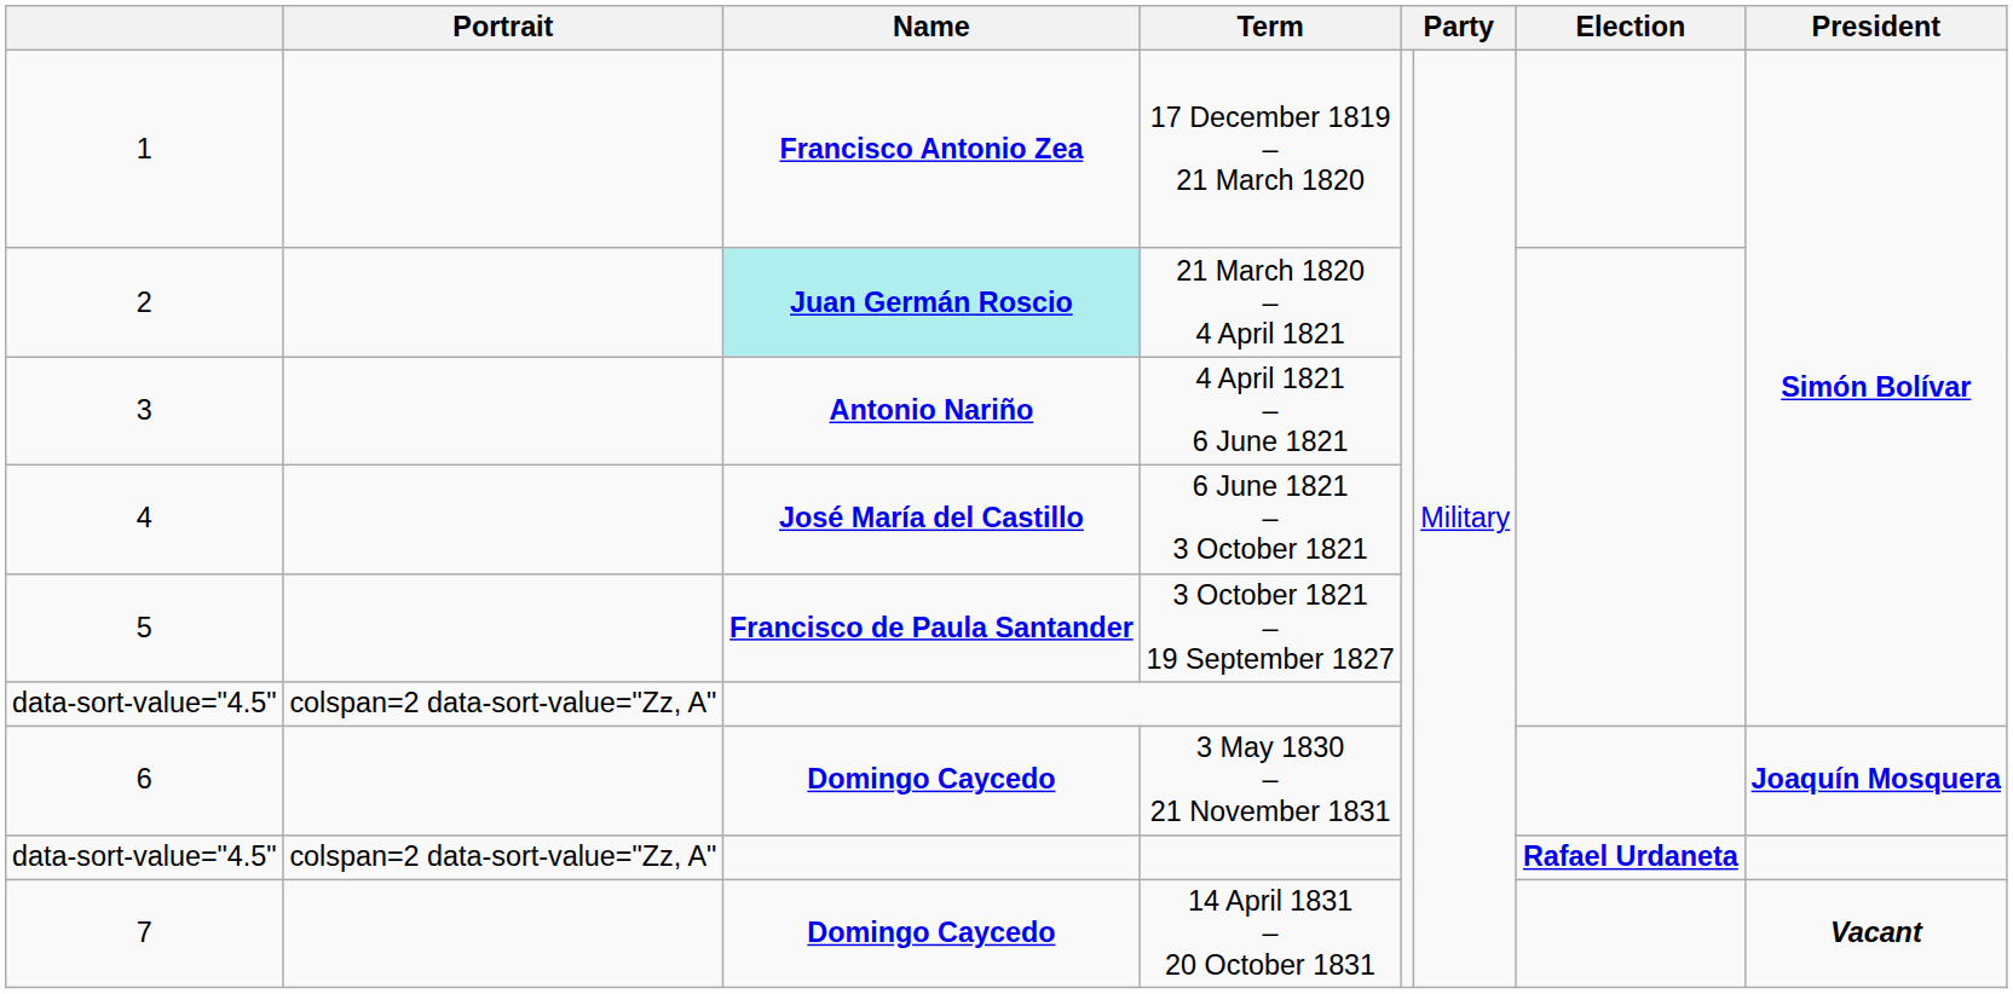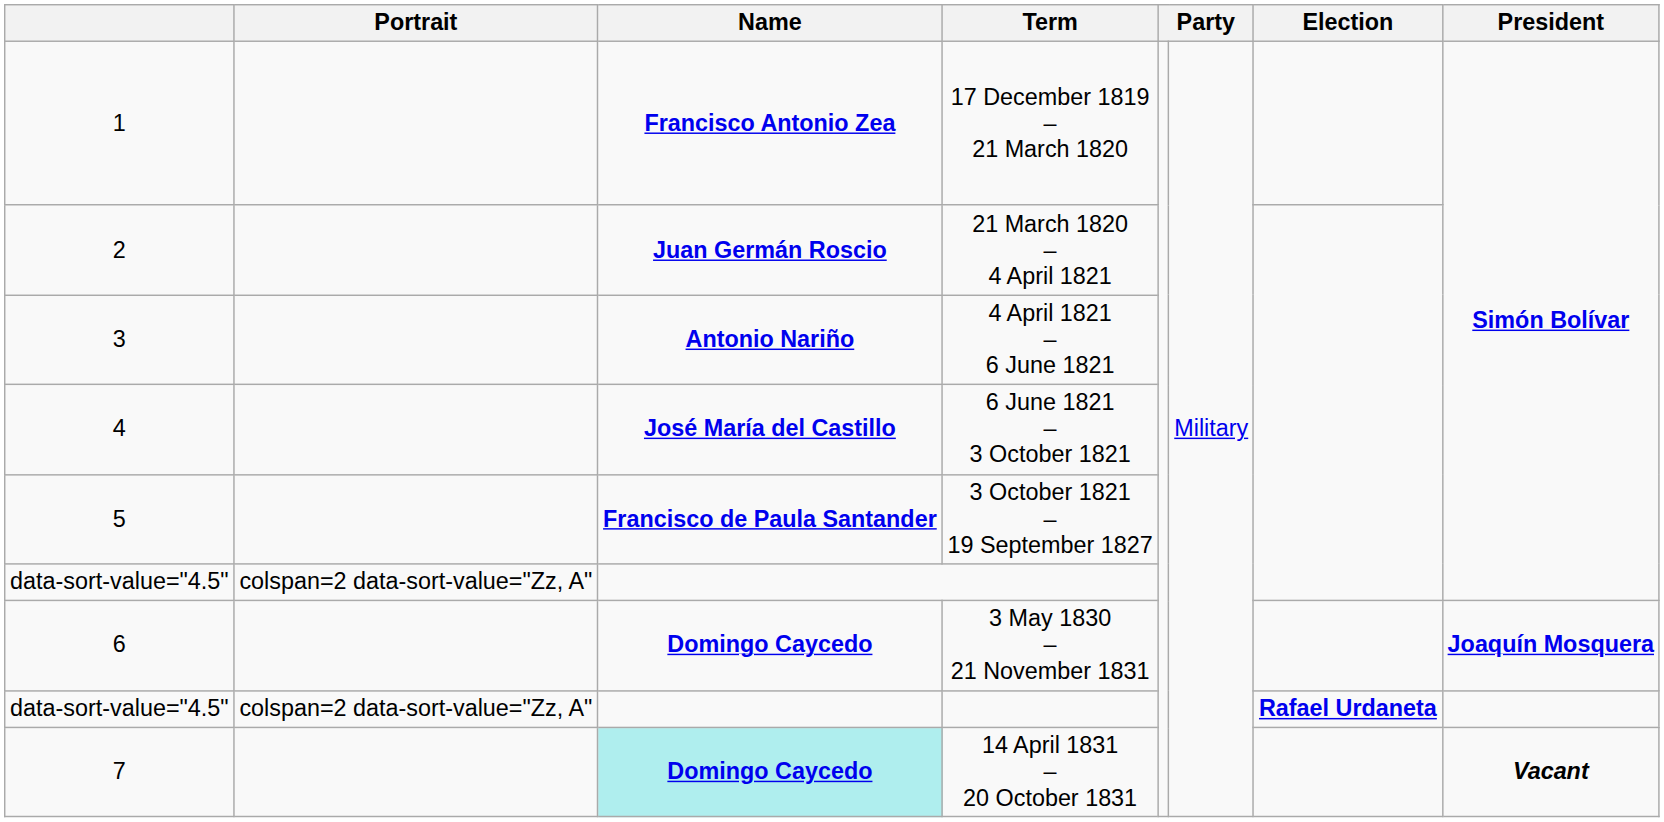 <table class="wikitable sortable" style="text-align:center">
 <tr>
 <th scope="col"></th>
 <th scope="col" class="unsortable">Portrait</th>
 <th scope="col">Name<br></th>
 <th scope="col" class="unsortable">Term</th>
 <th scope="col" colspan=2>Party</th>
 <th scope="col" class="unsortable">Election</th>
 <th scope="col">President</th>
 </tr>
 <tr style="height:7em;">
 <td>1</td>
 <td></td>
 <td data-sort-value="Zea, Francisco Antonio"><strong><a href='#'>Francisco Antonio Zea</a></strong></td>
 <td>17 December 1819<br>–<br>21 March 1820</td>
 <td rowspan=9 style="background:"></td>
 <td rowspan=9><a href='#'>Military</a></td>
 <td></td>
 <td rowspan=6 data-sort-value="Bolívar, Simón"><strong><a href='#'>Simón Bolívar</a></strong></td>
 </tr>
 <tr>
 <td>2</td>
 <td></td>
-<td data-sort-value="Roscio, Juan Germán" style="background: paleturquoise;"><strong><a href='#'>Juan Germán Roscio</a></strong></td>
+<td data-sort-value="Roscio, Juan Germán"><strong><a href='#'>Juan Germán Roscio</a></strong></td>
 <td>21 March 1820<br>–<br>4 April 1821</td>
 </tr>
 <tr>
 <td>3</td>
 <td></td>
 <td data-sort-value="Nariño, Antonio"><strong><a href='#'>Antonio Nariño</a></strong></td>
 <td>4 April 1821<br>–<br>6 June 1821</td>
 </tr>
 <tr>
 <td>4</td>
 <td></td>
 <td data-sort-value="Castillo, José María"><strong><a href='#'>José María del Castillo</a></strong></td>
 <td>6 June 1821<br>–<br>3 October 1821</td>
 </tr>
 <tr>
 <td>5</td>
 <td></td>
 <td data-sort-value="Santander, Francisco de Paula"><strong><a href='#'>Francisco de Paula Santander</a></strong></td>
 <td>3 October 1821<br>–<br>19 September 1827</td>
 </tr>
 <tr>
 <td>data-sort-value="4.5" </td>
 <td>colspan=2 data-sort-value="Zz, A" </td>
 </tr>
 <tr>
 <td>6</td>
 <td></td>
 <td data-sort-value="Caycedo, Domingo"><strong><a href='#'>Domingo Caycedo</a></strong></td>
 <td>3 May 1830<br>–<br>21 November 1831</td>
 <td></td>
 <td data-sort-value="Joaquín, Mosquera"><strong><a href='#'>Joaquín Mosquera</a></strong></td>
 </tr>
 <tr>
 <td>data-sort-value="4.5" </td>
 <td>colspan=2 data-sort-value="Zz, A" </td>
 <td></td>
 <td></td>
 <td data-sort-value="Joaquín, Mosquera"><strong><a href='#'>Rafael Urdaneta</a></strong></td>
 </tr>
 <tr>
 <td>7</td>
 <td></td>
-<td data-sort-value="Caycedo, Domingo"><strong><a href='#'>Domingo Caycedo</a></strong></td>
+<td data-sort-value="Caycedo, Domingo" style="background: paleturquoise;"><strong><a href='#'>Domingo Caycedo</a></strong></td>
 <td>14 April 1831<br>–<br>20 October 1831</td>
 <td></td>
 <td data-sort-value="Joaquín, Mosquera"><strong><em>Vacant</em></strong></td>
 </tr>
 </table>
